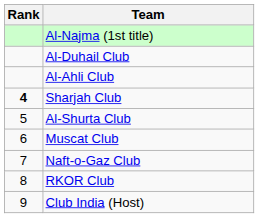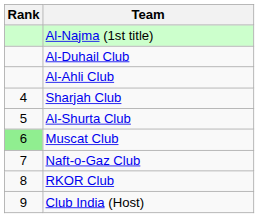 <table class=wikitable style="text-align:center;">
 <tr>
 <th>Rank</th>
 <th width=250>Team</th>
 </tr>
 <tr bgcolor=ccffcc>
 <td></td>
 <td align=left> <a href='#'>Al-Najma</a> (1st title)</td>
 </tr>
 <tr>
 <td></td>
 <td align=left> <a href='#'>Al-Duhail Club</a></td>
 </tr>
 <tr>
 <td></td>
 <td align=left> <a href='#'>Al-Ahli Club</a></td>
 </tr>
 <tr>
-<td><strong>4</strong></td>
+<td>4</td>
 <td align=left> <a href='#'>Sharjah Club</a></td>
 </tr>
 <tr>
 <td>5</td>
 <td align=left> <a href='#'>Al-Shurta Club</a></td>
 </tr>
 <tr>
-<td>6</td>
+<td style="background: lightgreen;">6</td>
 <td align=left> <a href='#'>Muscat Club</a></td>
 </tr>
 <tr>
 <td>7</td>
 <td align=left> <a href='#'>Naft-o-Gaz Club</a></td>
 </tr>
 <tr>
 <td>8</td>
 <td align=left> <a href='#'>RKOR Club</a></td>
 </tr>
 <tr>
 <td>9</td>
 <td align=left> <a href='#'>Club India</a> (Host)</td>
 </tr>
 </table>
